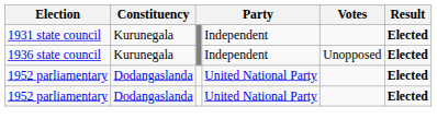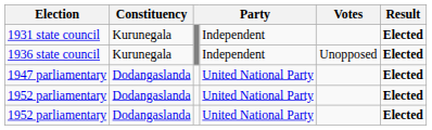 <table class="wikitable" style="text-align:left;">
 <tr>
 <th scope=col>Election</th>
 <th scope=col>Constituency</th>
 <th scope=col colspan="2">Party</th>
 <th scope=col>Votes</th>
 <th scope=col>Result</th>
 </tr>
 <tr>
 <td><a href='#'>1931 state council</a></td>
 <td>Kurunegala</td>
 <td rowspan ="2" style="background:Gray;"></td>
 <td>Independent</td>
 <td align=right></td>
 <td><strong>Elected</strong></td>
 </tr>
 <tr>
 <td><a href='#'>1936 state council</a></td>
 <td>Kurunegala</td>
 <td>Independent</td>
 <td>Unopposed</td>
 <td><strong>Elected</strong></td>
 </tr>
 <tr>
+<td><a href='#'>1947 parliamentary</a></td>
+<td><a href='#'>Dodangaslanda</a></td>
+<td rowspan="1" style="background:"></td>
+<td><a href='#'>United National Party</a></td>
+<td align=right></td>
+<td><strong>Elected</strong></td>
+</tr>
+<tr>
 <td><a href='#'>1952 parliamentary</a></td>
 <td><a href='#'>Dodangaslanda</a></td>
 <td rowspan="1" style="background:"></td>
 <td><a href='#'>United National Party</a></td>
 <td align=right></td>
 <td><strong>Elected</strong></td>
 </tr>
 <tr>
 <td><a href='#'>1952 parliamentary</a></td>
 <td><a href='#'>Dodangaslanda</a></td>
 <td rowspan="1" style="background:"></td>
 <td><a href='#'>United National Party</a></td>
 <td align=right></td>
 <td><strong>Elected</strong></td>
 </tr>
 </table>
